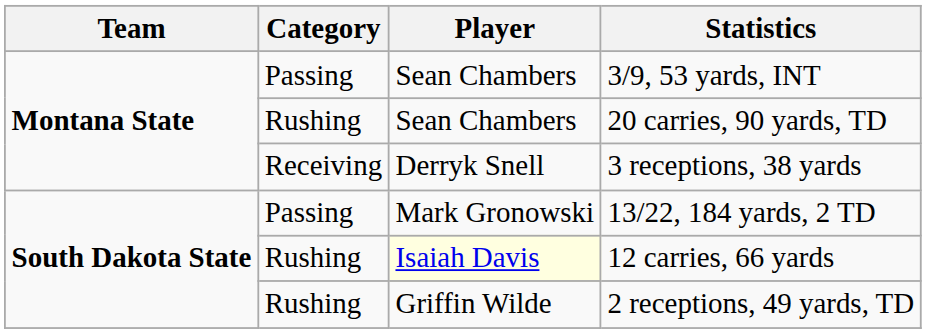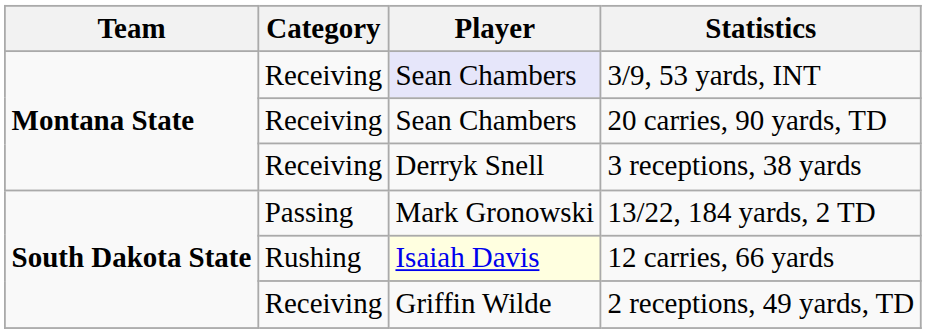 <table class="wikitable" style="float: left;">
 <tr>
 <th>Team</th>
 <th>Category</th>
 <th>Player</th>
 <th>Statistics</th>
 </tr>
 <tr>
 <td rowspan=3><strong>Montana State</strong></td>
-<td>Passing</td>
-<td>Sean Chambers</td>
+<td>Receiving</td>
+<td style="background: lavender;">Sean Chambers</td>
 <td>3/9, 53 yards, INT</td>
 </tr>
 <tr>
-<td>Rushing</td>
+<td>Receiving</td>
 <td>Sean Chambers</td>
 <td>20 carries, 90 yards, TD</td>
 </tr>
 <tr>
 <td>Receiving</td>
 <td>Derryk Snell</td>
 <td>3 receptions, 38 yards</td>
 </tr>
 <tr>
 <td rowspan=3><strong>South Dakota State</strong></td>
 <td>Passing</td>
 <td>Mark Gronowski</td>
 <td>13/22, 184 yards, 2 TD</td>
 </tr>
 <tr>
 <td>Rushing</td>
 <td style="background: lightyellow;"><a href='#'>Isaiah Davis</a></td>
 <td>12 carries, 66 yards</td>
 </tr>
 <tr>
-<td>Rushing</td>
+<td>Receiving</td>
 <td>Griffin Wilde</td>
 <td>2 receptions, 49 yards, TD</td>
 </tr>
 </table>
